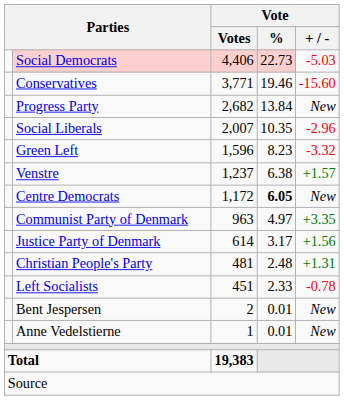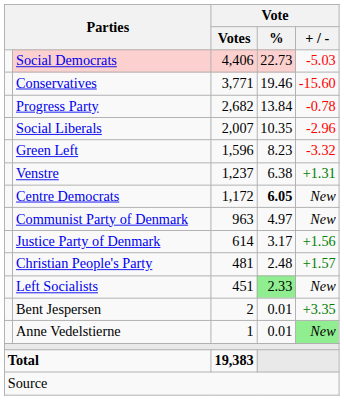 <table class="wikitable" style="text-align:right;">
 <tr>
 <th style="text-align:centre;" rowspan="2" colspan="2" width="225">Parties</th>
 <th colspan="3">Vote</th>
 </tr>
 <tr>
 <th width="15">Votes</th>
 <th width="15">%</th>
 <th width="15">+ / -</th>
 </tr>
 <tr>
 <td width="2" style="color:inherit;background:"></td>
 <td bgcolor=#fbd0ce  align="left"><a href='#'>Social Democrats</a></td>
 <td bgcolor=#fbd0ce>4,406</td>
 <td bgcolor=#fbd0ce>22.73</td>
 <td style=color:red;>-5.03</td>
 </tr>
 <tr>
 <td width="2" style="color:inherit;background:"></td>
 <td align="left"><a href='#'>Conservatives</a></td>
 <td>3,771</td>
 <td>19.46</td>
 <td style=color:red;>-15.60</td>
 </tr>
 <tr>
 <td width="2" style="color:inherit;background:"></td>
 <td align="left"><a href='#'>Progress Party</a></td>
 <td>2,682</td>
 <td>13.84</td>
-<td><em>New</em></td>
+<td style=color:red;>-0.78</td>
 </tr>
 <tr>
 <td width="2" style="color:inherit;background:"></td>
 <td align="left"><a href='#'>Social Liberals</a></td>
 <td>2,007</td>
 <td>10.35</td>
 <td style=color:red;>-2.96</td>
 </tr>
 <tr>
 <td width="2" style="color:inherit;background:"></td>
 <td align="left"><a href='#'>Green Left</a></td>
 <td>1,596</td>
 <td>8.23</td>
 <td style=color:red;>-3.32</td>
 </tr>
 <tr>
 <td width="2" style="color:inherit;background:"></td>
 <td align="left"><a href='#'>Venstre</a></td>
 <td>1,237</td>
 <td>6.38</td>
-<td style=color:green;>+1.57</td>
+<td style=color:green;>+1.31</td>
 </tr>
 <tr>
 <td width="2" style="color:inherit;background:"></td>
 <td align="left"><a href='#'>Centre Democrats</a></td>
 <td>1,172</td>
 <td><strong>6.05</strong></td>
 <td><em>New</em></td>
 </tr>
 <tr>
 <td width="2" style="color:inherit;background:"></td>
 <td align="left"><a href='#'>Communist Party of Denmark</a></td>
 <td>963</td>
 <td>4.97</td>
-<td style=color:green;>+3.35</td>
+<td><em>New</em></td>
 </tr>
 <tr>
 <td width="2" style="color:inherit;background:"></td>
 <td align="left"><a href='#'>Justice Party of Denmark</a></td>
 <td>614</td>
 <td>3.17</td>
 <td style=color:green;>+1.56</td>
 </tr>
 <tr>
 <td width="2" style="color:inherit;background:"></td>
 <td align="left"><a href='#'>Christian People's Party</a></td>
 <td>481</td>
 <td>2.48</td>
-<td style=color:green;>+1.31</td>
+<td style=color:green;>+1.57</td>
 </tr>
 <tr>
 <td width="2" style="color:inherit;background:"></td>
 <td align="left"><a href='#'>Left Socialists</a></td>
 <td>451</td>
-<td>2.33</td>
-<td style=color:red;>-0.78</td>
+<td style="background: lightgreen;">2.33</td>
+<td><em>New</em></td>
 </tr>
 <tr>
 <td width="2" style="color:inherit;background:"></td>
 <td align="left">Bent Jespersen</td>
 <td>2</td>
 <td>0.01</td>
-<td><em>New</em></td>
+<td style=color:green;>+3.35</td>
 </tr>
 <tr>
 <td width="2" style="color:inherit;background:"></td>
 <td align="left">Anne Vedelstierne</td>
 <td>1</td>
 <td>0.01</td>
-<td><em>New</em></td>
+<td style="background: lightgreen;"><em>New</em></td>
 </tr>
 <tr>
 <td colspan="7" bgcolor="#E9E9E9"></td>
 </tr>
 <tr>
 <td align="left" colspan="2"><strong>Total</strong></td>
 <td><strong>19,383</strong></td>
 <td bgcolor="#E9E9E9" colspan="2"></td>
 </tr>
 <tr>
 <td align="left" colspan="6">Source</td>
 </tr>
 </table>
